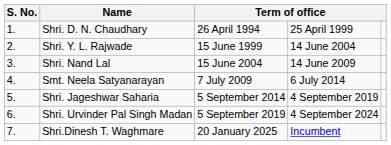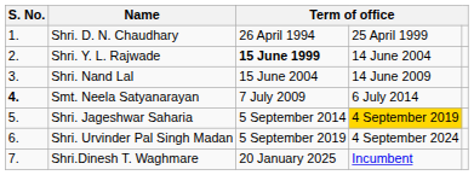 <table class="wikitable" ;">
 <tr>
 <th>S. No.</th>
 <th>Name</th>
 <th colspan="3">Term of office</th>
 </tr>
 <tr>
 <td>1.</td>
 <td>Shri. D. N. Chaudhary</td>
 <td>26 April 1994</td>
 <td>25 April 1999</td>
 <td></td>
 </tr>
 <tr>
 <td>2.</td>
 <td>Shri. Y. L. Rajwade</td>
-<td>15 June 1999</td>
+<td><strong>15 June 1999</strong></td>
 <td>14 June 2004</td>
 <td></td>
 </tr>
 <tr>
 <td>3.</td>
 <td>Shri. Nand Lal</td>
 <td>15 June 2004</td>
 <td>14 June 2009</td>
 <td></td>
 </tr>
 <tr>
-<td>4.</td>
+<td><strong>4.</strong></td>
 <td>Smt. Neela Satyanarayan</td>
 <td>7 July 2009</td>
 <td>6 July 2014</td>
 <td></td>
 </tr>
 <tr>
 <td>5.</td>
 <td>Shri. Jageshwar Saharia</td>
 <td>5 September 2014</td>
-<td>4 September 2019</td>
+<td style="background: gold;">4 September 2019</td>
 <td></td>
 </tr>
 <tr>
 <td>6.</td>
 <td>Shri. Urvinder Pal Singh Madan</td>
 <td>5 September 2019</td>
 <td>4 September 2024</td>
 <td></td>
 </tr>
 <tr>
 <td>7.</td>
 <td>Shri.Dinesh T. Waghmare</td>
 <td>20 January 2025</td>
 <td><a href='#'>Incumbent</a></td>
 <td></td>
 </tr>
 </table>
